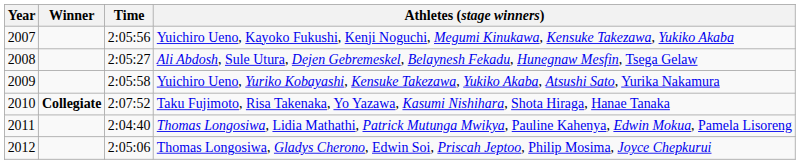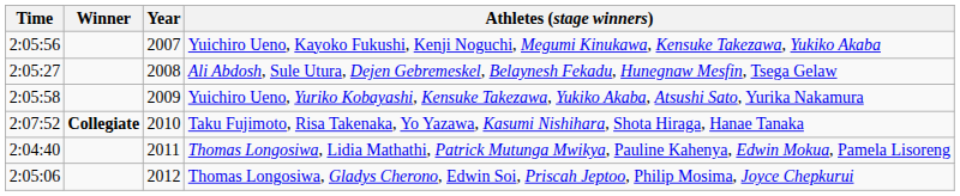 <table class=wikitable>
 <tr>
+<th>Time</th>
+<th>Winner</th>
 <th>Year</th>
-<th>Winner</th>
-<th>Time</th>
 <th>Athletes (<em>stage winners</em>)</th>
 </tr>
 <tr>
+<td>2:05:56</td>
+<td></td>
 <td>2007</td>
-<td></td>
-<td>2:05:56</td>
 <td><a href='#'>Yuichiro Ueno</a>, <a href='#'>Kayoko Fukushi</a>, <a href='#'>Kenji Noguchi</a>, <em><a href='#'>Megumi Kinukawa</a></em>, <em><a href='#'>Kensuke Takezawa</a></em>, <em><a href='#'>Yukiko Akaba</a></em></td>
 </tr>
 <tr>
+<td>2:05:27</td>
+<td></td>
 <td>2008</td>
-<td></td>
-<td>2:05:27</td>
 <td><em><a href='#'>Ali Abdosh</a></em>, <a href='#'>Sule Utura</a>, <em><a href='#'>Dejen Gebremeskel</a></em>, <em><a href='#'>Belaynesh Fekadu</a></em>, <em><a href='#'>Hunegnaw Mesfin</a></em>, <a href='#'>Tsega Gelaw</a></td>
 </tr>
 <tr>
+<td>2:05:58</td>
+<td></td>
 <td>2009</td>
-<td></td>
-<td>2:05:58</td>
 <td><a href='#'>Yuichiro Ueno</a>, <em><a href='#'>Yuriko Kobayashi</a></em>, <em><a href='#'>Kensuke Takezawa</a></em>, <em><a href='#'>Yukiko Akaba</a></em>, <em><a href='#'>Atsushi Sato</a></em>, <a href='#'>Yurika Nakamura</a></td>
 </tr>
 <tr>
+<td>2:07:52</td>
+<td><strong> Collegiate</strong></td>
 <td>2010</td>
-<td><strong> Collegiate</strong></td>
-<td>2:07:52</td>
 <td><a href='#'>Taku Fujimoto</a>, <a href='#'>Risa Takenaka</a>, <a href='#'>Yo Yazawa</a>, <em><a href='#'>Kasumi Nishihara</a></em>, <a href='#'>Shota Hiraga</a>, <a href='#'>Hanae Tanaka</a></td>
 </tr>
 <tr>
+<td>2:04:40</td>
+<td></td>
 <td>2011</td>
-<td></td>
-<td>2:04:40</td>
 <td><em><a href='#'>Thomas Longosiwa</a></em>, <a href='#'>Lidia Mathathi</a>, <em><a href='#'>Patrick Mutunga Mwikya</a></em>, <a href='#'>Pauline Kahenya</a>, <em><a href='#'>Edwin Mokua</a></em>, <a href='#'>Pamela Lisoreng</a></td>
 </tr>
 <tr>
+<td>2:05:06</td>
+<td></td>
 <td>2012</td>
-<td></td>
-<td>2:05:06</td>
 <td><a href='#'>Thomas Longosiwa</a>, <em><a href='#'>Gladys Cherono</a></em>, <a href='#'>Edwin Soi</a>, <em><a href='#'>Priscah Jeptoo</a></em>, <a href='#'>Philip Mosima</a>, <em><a href='#'>Joyce Chepkurui</a></em></td>
 </tr>
 </table>
